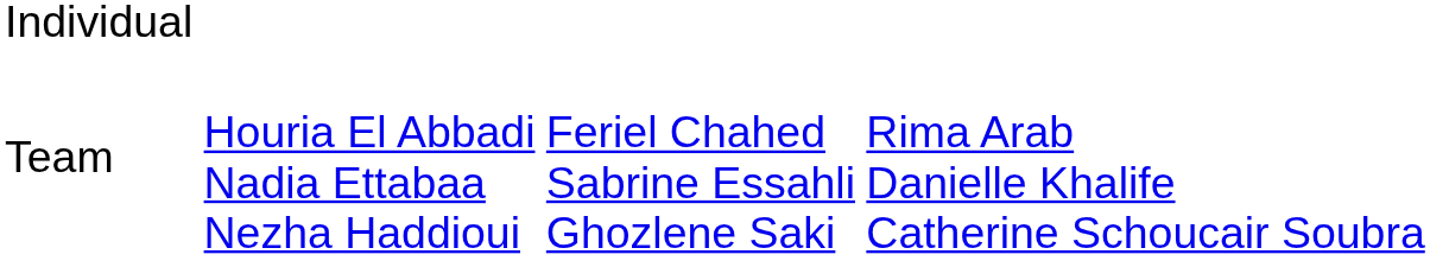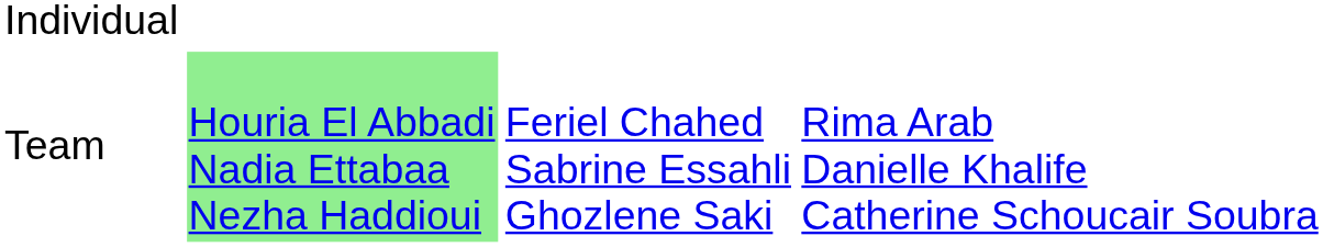 <table>
 <tr>
 <td>Individual</td>
 <td></td>
 <td></td>
 <td></td>
 </tr>
 <tr>
 <td>Team</td>
-<td><br><a href='#'>Houria El Abbadi</a><br><a href='#'>Nadia Ettabaa</a><br><a href='#'>Nezha Haddioui</a></td>
+<td style="background: lightgreen;"><br><a href='#'>Houria El Abbadi</a><br><a href='#'>Nadia Ettabaa</a><br><a href='#'>Nezha Haddioui</a></td>
 <td><br><a href='#'>Feriel Chahed</a><br><a href='#'>Sabrine Essahli</a><br><a href='#'>Ghozlene Saki</a></td>
 <td><br><a href='#'>Rima Arab</a><br><a href='#'>Danielle Khalife</a><br><a href='#'>Catherine Schoucair Soubra</a></td>
 </tr>
 </table>
